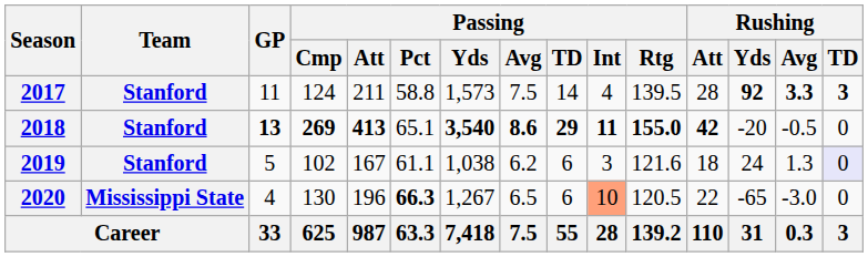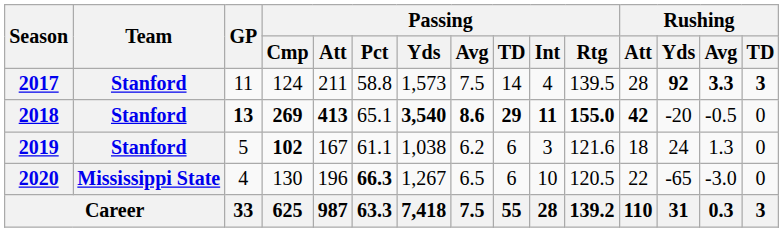 <table class="wikitable" style="text-align:center;">
 <tr>
 <th rowspan="2">Season</th>
 <th rowspan="2">Team</th>
 <th rowspan="2">GP</th>
 <th colspan="8">Passing</th>
 <th colspan="4">Rushing</th>
 </tr>
 <tr>
 <th>Cmp</th>
 <th>Att</th>
 <th>Pct</th>
 <th>Yds</th>
 <th>Avg</th>
 <th>TD</th>
 <th>Int</th>
 <th>Rtg</th>
 <th>Att</th>
 <th>Yds</th>
 <th>Avg</th>
 <th>TD</th>
 </tr>
 <tr>
 <th><a href='#'>2017</a></th>
 <th><a href='#'>Stanford</a></th>
 <td>11</td>
 <td>124</td>
 <td>211</td>
 <td>58.8</td>
 <td>1,573</td>
 <td>7.5</td>
 <td>14</td>
 <td>4</td>
 <td>139.5</td>
 <td>28</td>
 <td><strong>92</strong></td>
 <td><strong>3.3</strong></td>
 <td><strong>3</strong></td>
 </tr>
 <tr>
 <th><a href='#'>2018</a></th>
 <th><a href='#'>Stanford</a></th>
 <td><strong>13</strong></td>
 <td><strong>269</strong></td>
 <td><strong>413</strong></td>
 <td>65.1</td>
 <td><strong>3,540</strong></td>
 <td><strong>8.6</strong></td>
 <td><strong>29</strong></td>
 <td><strong>11</strong></td>
 <td><strong>155.0</strong></td>
 <td><strong>42</strong></td>
 <td>-20</td>
 <td>-0.5</td>
 <td>0</td>
 </tr>
 <tr>
 <th><a href='#'>2019</a></th>
 <th><a href='#'>Stanford</a></th>
 <td>5</td>
-<td>102</td>
+<td><strong>102</strong></td>
 <td>167</td>
 <td>61.1</td>
 <td>1,038</td>
 <td>6.2</td>
 <td>6</td>
 <td>3</td>
 <td>121.6</td>
 <td>18</td>
 <td>24</td>
 <td>1.3</td>
-<td style="background: lavender;">0</td>
+<td>0</td>
 </tr>
 <tr>
 <th><a href='#'>2020</a></th>
 <th><a href='#'>Mississippi State</a></th>
 <td>4</td>
 <td>130</td>
 <td>196</td>
 <td><strong>66.3</strong></td>
 <td>1,267</td>
 <td>6.5</td>
 <td>6</td>
-<td style="background: lightsalmon;">10</td>
+<td>10</td>
 <td>120.5</td>
 <td>22</td>
 <td>-65</td>
 <td>-3.0</td>
 <td>0</td>
 </tr>
 <tr>
 <th colspan="2">Career</th>
 <th>33</th>
 <th>625</th>
 <th>987</th>
 <th>63.3</th>
 <th>7,418</th>
 <th>7.5</th>
 <th>55</th>
 <th>28</th>
 <th>139.2</th>
 <th>110</th>
 <th>31</th>
 <th>0.3</th>
 <th>3</th>
 </tr>
 </table>
